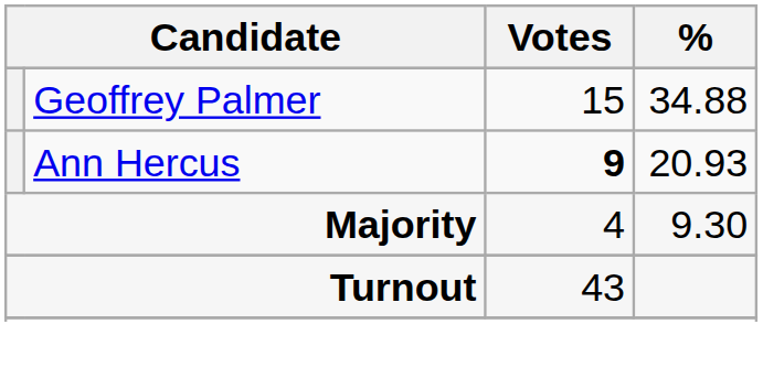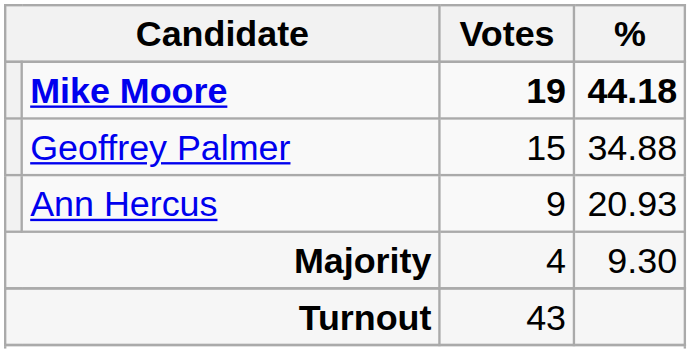 <table class="wikitable" style="font-size: 95%;">
 <tr style="background-color:#E9E9E9">
 <th colspan="2" style="width: 170px">Candidate</th>
 <th style="width: 50px">Votes</th>
 <th style="width: 40px">%</th>
 </tr>
 <tr>
 </tr>
 <tr>
 <th style="background-color: "></th>
+<td style="width: 170px"><strong><a href='#'>Mike Moore</a></strong></td>
+<td align="right"><strong>19</strong></td>
+<td align="right"><strong>44.18</strong></td>
+</tr>
+<tr>
+<th style="background-color: "></th>
 <td style="width: 170px"><a href='#'>Geoffrey Palmer</a></td>
 <td align="right">15</td>
 <td align="right">34.88</td>
 </tr>
 <tr>
 <th style="background-color: "></th>
 <td style="width: 170px"><a href='#'>Ann Hercus</a></td>
-<td align="right"><strong>9</strong></td>
+<td align="right">9</td>
 <td align="right">20.93</td>
 </tr>
 <tr style="background-color:#F6F6F6">
 <td colspan="2" align="right"><strong>Majority</strong></td>
 <td align="right">4</td>
 <td align="right">9.30</td>
 </tr>
 <tr>
 </tr>
 <tr style="background-color:#F6F6F6">
 <td colspan="2" align="right"><strong>Turnout</strong></td>
 <td align="right">43</td>
 <td></td>
 </tr>
 <tr>
 </tr>
 <tr style="background-color:#F6F6F6">
 </tr>
 </table>
